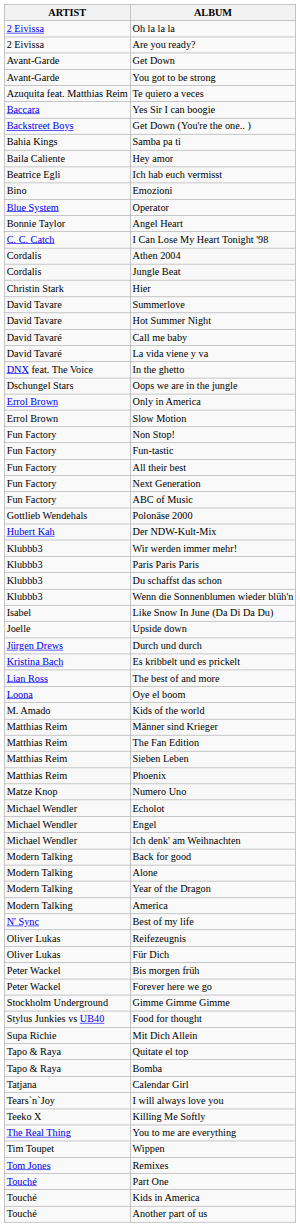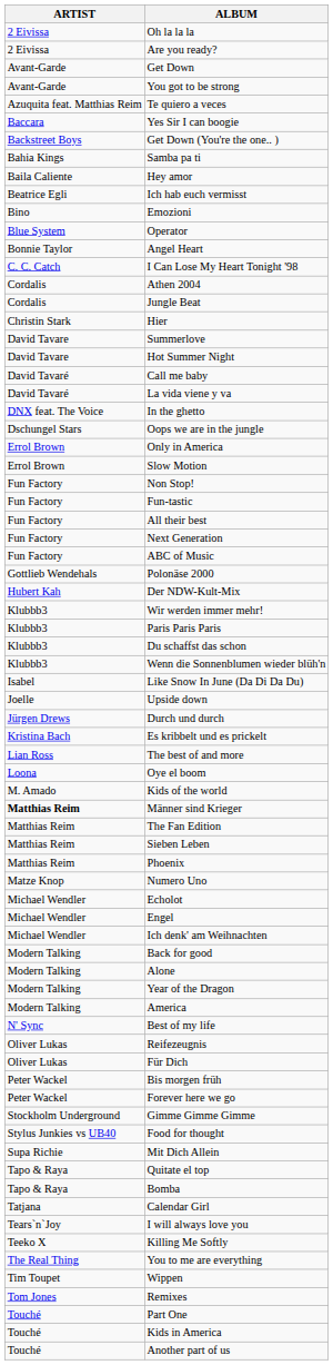 <table class="wikitable">
 <tr>
 <th>ARTIST</th>
 <th>ALBUM</th>
 </tr>
 <tr>
 <td><a href='#'>2 Eivissa</a></td>
 <td>Oh la la la</td>
 </tr>
 <tr>
 <td>2 Eivissa</td>
 <td>Are you ready?</td>
 </tr>
 <tr>
 <td>Avant-Garde</td>
 <td>Get Down</td>
 </tr>
 <tr>
 <td>Avant-Garde</td>
 <td>You got to be strong</td>
 </tr>
 <tr>
 <td>Azuquita feat. Matthias Reim</td>
 <td>Te quiero a veces</td>
 </tr>
 <tr>
 <td><a href='#'>Baccara</a></td>
 <td>Yes Sir I can boogie</td>
 </tr>
 <tr>
 <td><a href='#'>Backstreet Boys</a></td>
 <td>Get Down (You're the one.. )</td>
 </tr>
 <tr>
 <td>Bahia Kings</td>
 <td>Samba pa ti</td>
 </tr>
 <tr>
 <td>Baila Caliente</td>
 <td>Hey amor</td>
 </tr>
 <tr>
 <td>Beatrice Egli</td>
 <td>Ich hab euch vermisst</td>
 </tr>
 <tr>
 <td>Bino</td>
 <td>Emozioni</td>
 </tr>
 <tr>
 <td><a href='#'>Blue System</a></td>
 <td>Operator</td>
 </tr>
 <tr>
 <td>Bonnie Taylor</td>
 <td>Angel Heart</td>
 </tr>
 <tr>
 <td><a href='#'>C. C. Catch</a></td>
 <td>I Can Lose My Heart Tonight '98</td>
 </tr>
 <tr>
 <td>Cordalis</td>
 <td>Athen 2004</td>
 </tr>
 <tr>
 <td>Cordalis</td>
 <td>Jungle Beat</td>
 </tr>
 <tr>
 <td>Christin Stark</td>
 <td>Hier</td>
 </tr>
 <tr>
 <td>David Tavare</td>
 <td>Summerlove</td>
 </tr>
 <tr>
 <td>David Tavare</td>
 <td>Hot Summer Night</td>
 </tr>
 <tr>
 <td>David Tavaré</td>
 <td>Call me baby</td>
 </tr>
 <tr>
 <td>David Tavaré</td>
 <td>La vida viene y va</td>
 </tr>
 <tr>
 <td><a href='#'>DNX</a> feat. The Voice</td>
 <td>In the ghetto</td>
 </tr>
 <tr>
 <td>Dschungel Stars</td>
 <td>Oops we are in the jungle</td>
 </tr>
 <tr>
 <td><a href='#'>Errol Brown</a></td>
 <td>Only in America</td>
 </tr>
 <tr>
 <td>Errol Brown</td>
 <td>Slow Motion</td>
 </tr>
 <tr>
 <td>Fun Factory</td>
 <td>Non Stop!</td>
 </tr>
 <tr>
 <td>Fun Factory</td>
 <td>Fun-tastic</td>
 </tr>
 <tr>
 <td>Fun Factory</td>
 <td>All their best</td>
 </tr>
 <tr>
 <td>Fun Factory</td>
 <td>Next Generation</td>
 </tr>
 <tr>
 <td>Fun Factory</td>
 <td>ABC of Music</td>
 </tr>
 <tr>
 <td>Gottlieb Wendehals</td>
 <td>Polonäse 2000</td>
 </tr>
 <tr>
 <td><a href='#'>Hubert Kah</a></td>
 <td>Der NDW-Kult-Mix</td>
 </tr>
 <tr>
 <td>Klubbb3</td>
 <td>Wir werden immer mehr!</td>
 </tr>
 <tr>
 <td>Klubbb3</td>
 <td>Paris Paris Paris</td>
 </tr>
 <tr>
 <td>Klubbb3</td>
 <td>Du schaffst das schon</td>
 </tr>
 <tr>
 <td>Klubbb3</td>
 <td>Wenn die Sonnenblumen wieder blüh'n</td>
 </tr>
 <tr>
 <td>Isabel</td>
 <td>Like Snow In June (Da Di Da Du)</td>
 </tr>
 <tr>
 <td>Joelle</td>
 <td>Upside down</td>
 </tr>
 <tr>
 <td><a href='#'>Jürgen Drews</a></td>
 <td>Durch und durch</td>
 </tr>
 <tr>
 <td><a href='#'>Kristina Bach</a></td>
 <td>Es kribbelt und es prickelt</td>
 </tr>
 <tr>
 <td><a href='#'>Lian Ross</a></td>
 <td>The best of and more</td>
 </tr>
 <tr>
 <td><a href='#'>Loona</a></td>
 <td>Oye el boom</td>
 </tr>
 <tr>
 <td>M. Amado</td>
 <td>Kids of the world</td>
 </tr>
 <tr>
-<td>Matthias Reim</td>
+<td><strong>Matthias Reim</strong></td>
 <td>Männer sind Krieger</td>
 </tr>
 <tr>
 <td>Matthias Reim</td>
 <td>The Fan Edition</td>
 </tr>
 <tr>
 <td>Matthias Reim</td>
 <td>Sieben Leben</td>
 </tr>
 <tr>
 <td>Matthias Reim</td>
 <td>Phoenix</td>
 </tr>
 <tr>
 <td>Matze Knop</td>
 <td>Numero Uno</td>
 </tr>
 <tr>
 <td>Michael Wendler</td>
 <td>Echolot</td>
 </tr>
 <tr>
 <td>Michael Wendler</td>
 <td>Engel</td>
 </tr>
 <tr>
 <td>Michael Wendler</td>
 <td>Ich denk' am Weihnachten</td>
 </tr>
 <tr>
 <td>Modern Talking</td>
 <td>Back for good</td>
 </tr>
 <tr>
 <td>Modern Talking</td>
 <td>Alone</td>
 </tr>
 <tr>
 <td>Modern Talking</td>
 <td>Year of the Dragon</td>
 </tr>
 <tr>
 <td>Modern Talking</td>
 <td>America</td>
 </tr>
 <tr>
 <td><a href='#'>N' Sync</a></td>
 <td>Best of my life</td>
 </tr>
 <tr>
 <td>Oliver Lukas</td>
 <td>Reifezeugnis</td>
 </tr>
 <tr>
 <td>Oliver Lukas</td>
 <td>Für Dich</td>
 </tr>
 <tr>
 <td>Peter Wackel</td>
 <td>Bis morgen früh</td>
 </tr>
 <tr>
 <td>Peter Wackel</td>
 <td>Forever here we go</td>
 </tr>
 <tr>
 <td>Stockholm Underground</td>
 <td>Gimme Gimme Gimme</td>
 </tr>
 <tr>
 <td>Stylus Junkies vs <a href='#'>UB40</a></td>
 <td>Food for thought</td>
 </tr>
 <tr>
 <td>Supa Richie</td>
 <td>Mit Dich Allein</td>
 </tr>
 <tr>
 <td>Tapo & Raya</td>
 <td>Quitate el top</td>
 </tr>
 <tr>
 <td>Tapo & Raya</td>
 <td>Bomba</td>
 </tr>
 <tr>
 <td>Tatjana</td>
 <td>Calendar Girl</td>
 </tr>
 <tr>
 <td>Tears`n`Joy</td>
 <td>I will always love you</td>
 </tr>
 <tr>
 <td>Teeko X</td>
 <td>Killing Me Softly</td>
 </tr>
 <tr>
 <td><a href='#'>The Real Thing</a></td>
 <td>You to me are everything</td>
 </tr>
 <tr>
 <td>Tim Toupet</td>
 <td>Wippen</td>
 </tr>
 <tr>
 <td><a href='#'>Tom Jones</a></td>
 <td>Remixes</td>
 </tr>
 <tr>
 <td><a href='#'>Touché</a></td>
 <td>Part One</td>
 </tr>
 <tr>
 <td>Touché</td>
 <td>Kids in America</td>
 </tr>
 <tr>
 <td>Touché</td>
 <td>Another part of us</td>
 </tr>
 </table>
